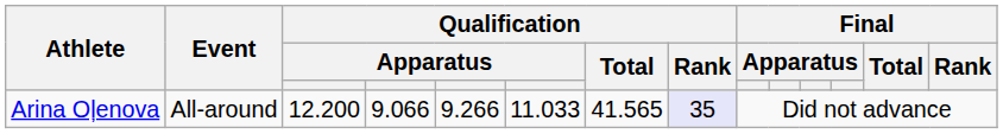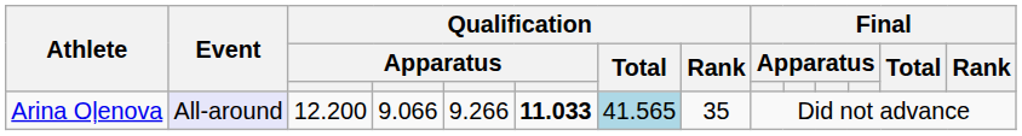 <table class="wikitable" style="font-size:90%; text-align:center">
 <tr>
 <th rowspan="3">Athlete</th>
 <th rowspan="3">Event</th>
 <th colspan="6">Qualification</th>
 <th colspan="6">Final</th>
 </tr>
 <tr>
 <th colspan="4">Apparatus</th>
 <th rowspan="2">Total</th>
 <th rowspan="2">Rank</th>
 <th colspan="4">Apparatus</th>
 <th rowspan="2">Total</th>
 <th rowspan="2">Rank</th>
 </tr>
 <tr>
 <th></th>
 <th></th>
 <th></th>
 <th></th>
 <th></th>
 <th></th>
 <th></th>
 <th></th>
 </tr>
 <tr>
 <td align="left"><a href='#'>Arina Oļenova</a></td>
-<td align="left">All-around</td>
+<td align="left" style="background: lavender;">All-around</td>
 <td>12.200</td>
 <td>9.066</td>
 <td>9.266</td>
-<td>11.033</td>
-<td>41.565</td>
-<td style="background: lavender;">35</td>
+<td><strong>11.033</strong></td>
+<td style="background: lightblue;">41.565</td>
+<td>35</td>
 <td colspan="6">Did not advance</td>
 </tr>
 </table>
